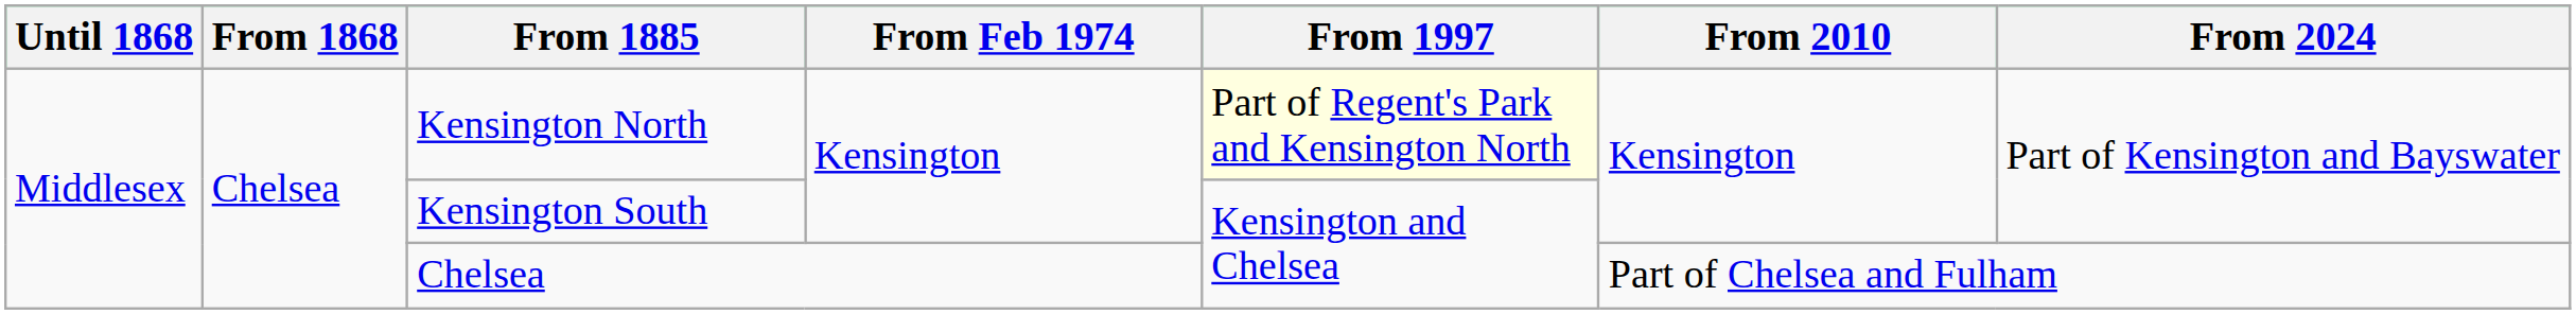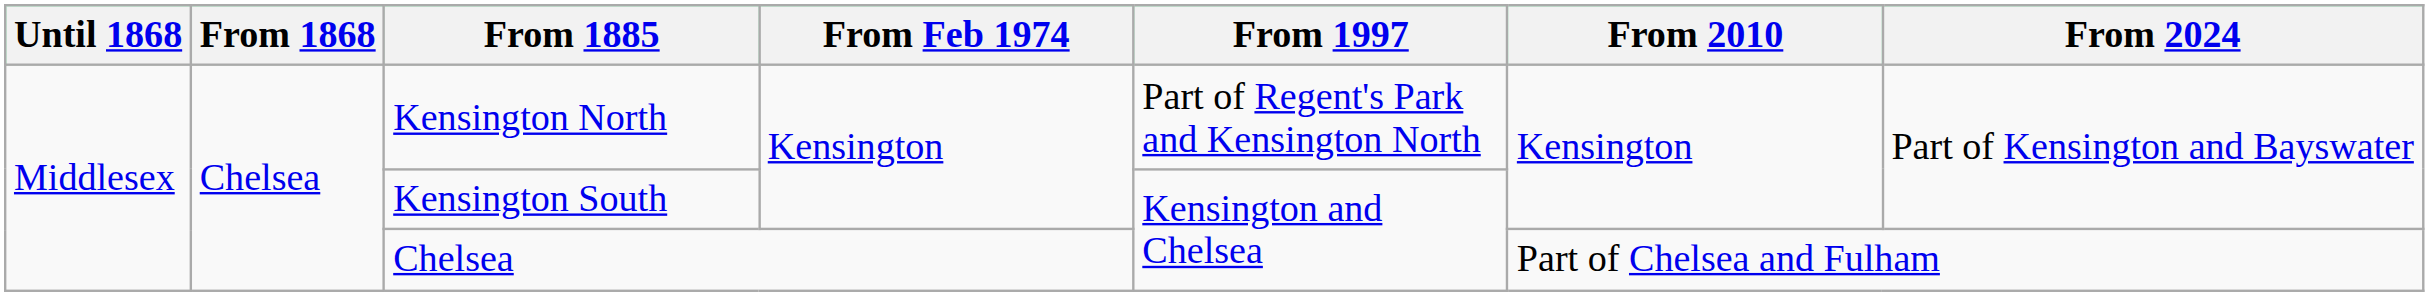 <table class="wikitable" style="border:1px solid darkgrey;">
 <tr style="background:#44ee88;">
 <th>Until <a href='#'>1868</a></th>
 <th>From <a href='#'>1868</a></th>
 <th style="width:150px;">From <a href='#'>1885</a></th>
 <th style="width:150px;">From <a href='#'>Feb 1974</a></th>
 <th style="width:150px;">From <a href='#'>1997</a></th>
 <th style="width:150px;">From <a href='#'>2010</a></th>
 <th>From <a href='#'>2024</a></th>
 </tr>
 <tr>
 <td rowspan="3"><a href='#'>Middlesex</a></td>
 <td rowspan="3"><a href='#'>Chelsea</a></td>
 <td><a href='#'>Kensington North</a></td>
 <td rowspan=2><a href='#'>Kensington</a></td>
-<td style="background: lightyellow;">Part of <a href='#'>Regent's Park and Kensington North</a></td>
+<td>Part of <a href='#'>Regent's Park and Kensington North</a></td>
 <td rowspan=2><a href='#'>Kensington</a></td>
 <td rowspan="2">Part of <a href='#'>Kensington and Bayswater</a></td>
 </tr>
 <tr>
 <td><a href='#'>Kensington South</a></td>
 <td rowspan=2><a href='#'>Kensington and Chelsea</a></td>
 </tr>
 <tr>
 <td colspan=2><a href='#'>Chelsea</a></td>
 <td colspan="2">Part of <a href='#'>Chelsea and Fulham</a></td>
 </tr>
 </table>
